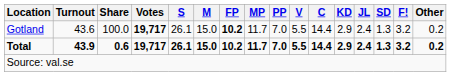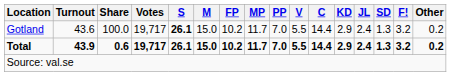 <table class="wikitable sortable" style=text-align:right>
 <tr>
 <th>Location</th>
 <th>Turnout</th>
 <th>Share</th>
 <th>Votes</th>
 <th><a href='#'>S</a></th>
 <th><a href='#'>M</a></th>
 <th><a href='#'>FP</a></th>
 <th><a href='#'>MP</a></th>
 <th><a href='#'>PP</a></th>
 <th><a href='#'>V</a></th>
 <th><a href='#'>C</a></th>
 <th><a href='#'>KD</a></th>
 <th><a href='#'>JL</a></th>
 <th><a href='#'>SD</a></th>
 <th><a href='#'>F!</a></th>
 <th>Other</th>
 </tr>
 <tr>
 <td align=left><a href='#'>Gotland</a></td>
 <td>43.6</td>
 <td>100.0</td>
-<td><strong>19,717</strong></td>
-<td>26.1</td>
+<td>19,717</td>
+<td><strong>26.1</strong></td>
 <td>15.0</td>
-<td><strong>10.2</strong></td>
+<td>10.2</td>
 <td>11.7</td>
 <td>7.0</td>
 <td>5.5</td>
 <td>14.4</td>
 <td>2.9</td>
 <td>2.4</td>
 <td>1.3</td>
 <td>3.2</td>
 <td>0.2</td>
 </tr>
 <tr>
 <td align=left><strong>Total</strong></td>
 <td><strong>43.9</strong></td>
 <td><strong>0.6</strong></td>
 <td><strong>19,717</strong></td>
 <td><strong>26.1</strong></td>
 <td><strong>15.0</strong></td>
 <td><strong>10.2</strong></td>
 <td><strong>11.7</strong></td>
 <td><strong>7.0</strong></td>
 <td><strong>5.5</strong></td>
 <td><strong>14.4</strong></td>
 <td><strong>2.9</strong></td>
 <td><strong>2.4</strong></td>
 <td><strong>1.3</strong></td>
 <td><strong>3.2</strong></td>
 <td><strong>0.2</strong></td>
 </tr>
 <tr>
 <td align=left colspan=16>Source: val.se </td>
 </tr>
 </table>
